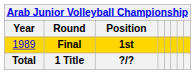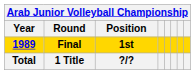 <table class="wikitable" style="text-align: center;">
 <tr>
 <th colspan=8><a href='#'>Arab Junior Volleyball Championship</a></th>
 </tr>
 <tr>
 <th>Year</th>
 <th>Round</th>
 <th>Position</th>
 <th></th>
 <th></th>
 <th></th>
 <th></th>
 <th></th>
 </tr>
 <tr bgcolor=gold>
-<td> <a href='#'>1989</a></td>
+<td><strong> <a href='#'>1989</a></strong></td>
 <td><strong>Final</strong></td>
 <td><strong>1st</strong></td>
 <td></td>
 <td></td>
 <td></td>
 <td></td>
 <td></td>
 </tr>
 <tr>
 <th>Total</th>
 <th>1 Title</th>
 <th>?/?</th>
 <th></th>
 <th></th>
 <th></th>
 <th></th>
 <th></th>
 </tr>
 </table>
